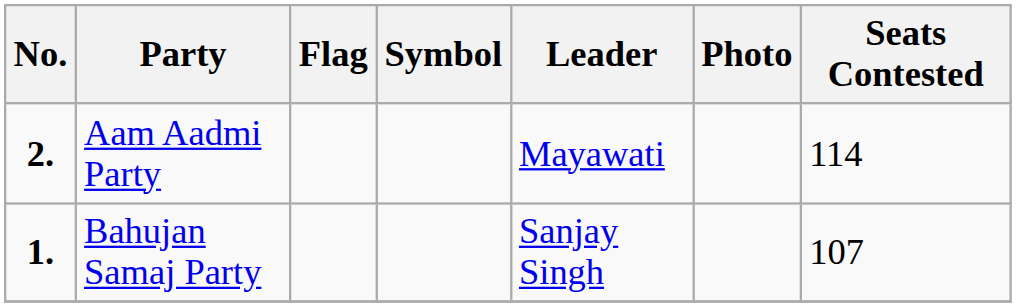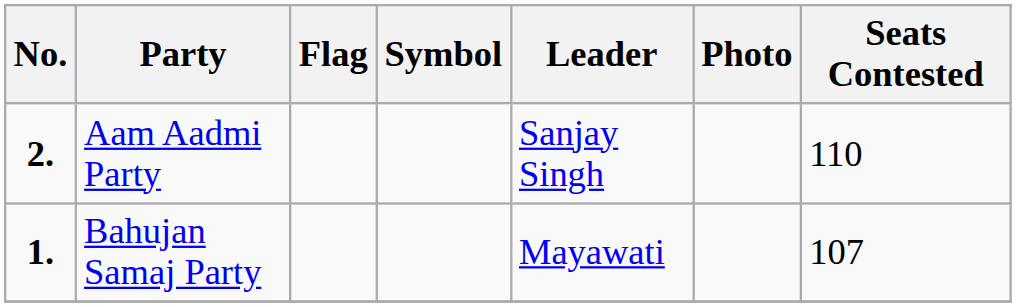 <table class="wikitable sortable" width="50%">
 <tr>
 <th>No.</th>
 <th>Party</th>
 <th>Flag</th>
 <th>Symbol</th>
 <th>Leader</th>
 <th>Photo</th>
 <th>Seats Contested</th>
 </tr>
 <tr>
 <td ! style="text-align:center; background:"><strong>2.</strong></td>
 <td><a href='#'>Aam Aadmi Party</a></td>
 <td></td>
 <td></td>
-<td><a href='#'>Mayawati</a></td>
+<td><a href='#'>Sanjay Singh</a></td>
 <td></td>
-<td>114</td>
+<td>110</td>
 </tr>
 <tr>
 <td ! style="text-align:center; background:"><strong>1.</strong></td>
 <td><a href='#'>Bahujan Samaj Party</a></td>
 <td></td>
 <td></td>
-<td><a href='#'>Sanjay Singh</a></td>
+<td><a href='#'>Mayawati</a></td>
 <td></td>
 <td>107</td>
 </tr>
 <tr>
 </tr>
 </table>
